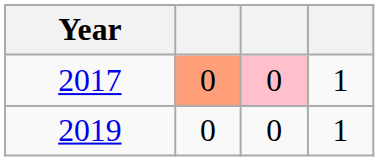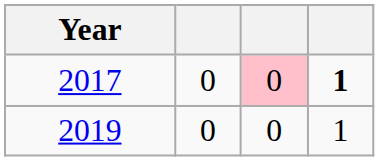 <table class="wikitable" width=30% style="font-size:100%; text-align:center;">
 <tr>
 <th>Year</th>
 <th></th>
 <th></th>
 <th></th>
 </tr>
 <tr>
 <td><a href='#'>2017</a></td>
-<td style="background: lightsalmon;">0</td>
+<td>0</td>
 <td style="background: pink;">0</td>
-<td>1</td>
+<td><strong>1</strong></td>
 </tr>
 <tr>
 <td><a href='#'>2019</a></td>
 <td>0</td>
 <td>0</td>
 <td>1</td>
 </tr>
 </table>
